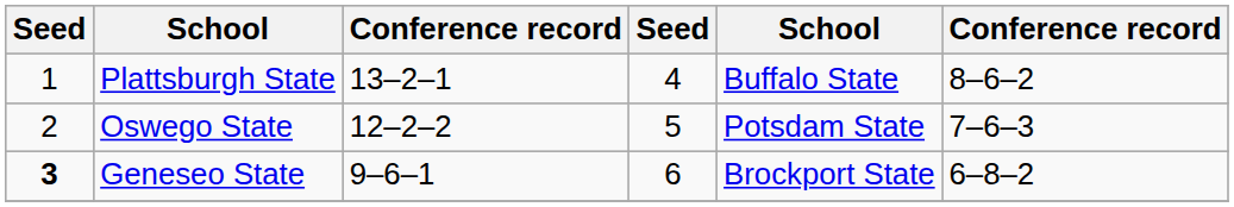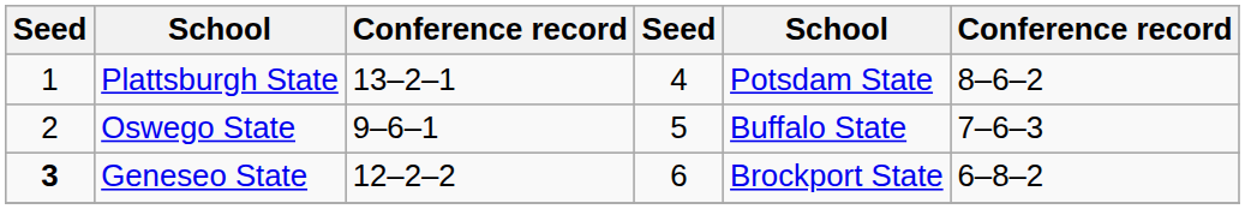 <table class="wikitable">
 <tr>
 <th>Seed</th>
 <th>School</th>
 <th>Conference record</th>
 <th>Seed</th>
 <th>School</th>
 <th>Conference record</th>
 </tr>
 <tr>
 <td align=center>1</td>
 <td><a href='#'>Plattsburgh State</a></td>
 <td>13–2–1</td>
 <td align=center>4</td>
-<td><a href='#'>Buffalo State</a></td>
+<td><a href='#'>Potsdam State</a></td>
 <td>8–6–2</td>
 </tr>
 <tr>
 <td align=center>2</td>
 <td><a href='#'>Oswego State</a></td>
-<td>12–2–2</td>
+<td>9–6–1</td>
 <td align=center>5</td>
-<td><a href='#'>Potsdam State</a></td>
+<td><a href='#'>Buffalo State</a></td>
 <td>7–6–3</td>
 </tr>
 <tr>
 <td align=center><strong>3</strong></td>
 <td><a href='#'>Geneseo State</a></td>
-<td>9–6–1</td>
+<td>12–2–2</td>
 <td align=center>6</td>
 <td><a href='#'>Brockport State</a></td>
 <td>6–8–2</td>
 </tr>
 <tr>
 </tr>
 </table>
